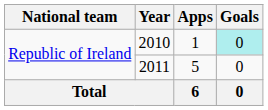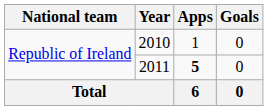 <table class="wikitable" style="text-align: center">
 <tr>
 <th>National team</th>
 <th>Year</th>
 <th>Apps</th>
 <th>Goals</th>
 </tr>
 <tr>
 <td rowspan="2"><a href='#'>Republic of Ireland</a></td>
 <td>2010</td>
 <td>1</td>
-<td style="background: paleturquoise;">0</td>
+<td>0</td>
 </tr>
 <tr>
 <td>2011</td>
-<td>5</td>
+<td><strong>5</strong></td>
 <td>0</td>
 </tr>
 <tr>
 <th colspan=2>Total</th>
 <th>6</th>
 <th>0</th>
 </tr>
 </table>
